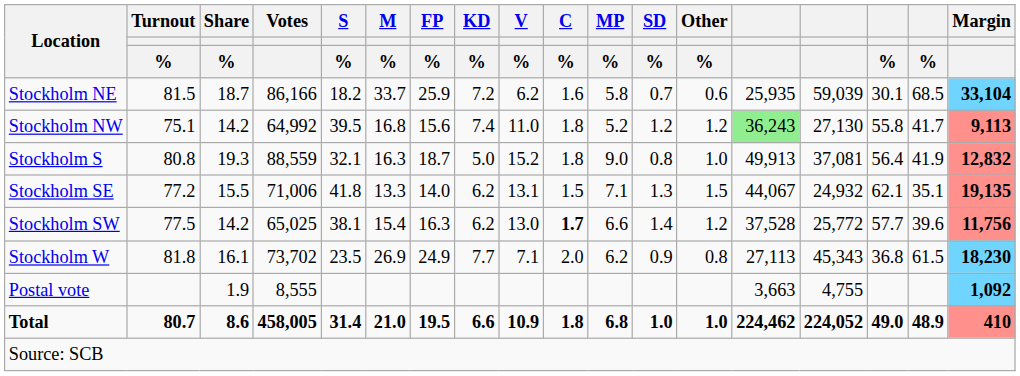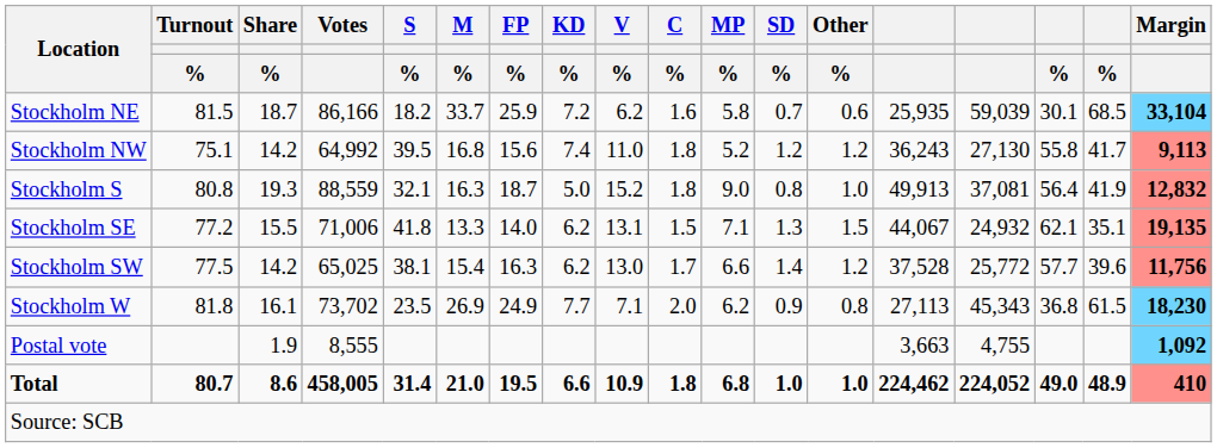 <table class="wikitable sortable" style="text-align:right; font-size:95%; line-height:20px;">
 <tr>
 <th rowspan="3">Location</th>
 <th>Turnout</th>
 <th>Share</th>
 <th>Votes</th>
 <th width="30px" class="unsortable"><a href='#'>S</a></th>
 <th width="30px" class="unsortable"><a href='#'>M</a></th>
 <th width="30px" class="unsortable"><a href='#'>FP</a></th>
 <th width="30px" class="unsortable"><a href='#'>KD</a></th>
 <th width="30px" class="unsortable"><a href='#'>V</a></th>
 <th width="30px" class="unsortable"><a href='#'>C</a></th>
 <th width="30px" class="unsortable"><a href='#'>MP</a></th>
 <th width="30px" class="unsortable"><a href='#'>SD</a></th>
 <th width="30px" class="unsortable">Other</th>
 <th></th>
 <th></th>
 <th></th>
 <th></th>
 <th>Margin</th>
 </tr>
 <tr>
 <th></th>
 <th></th>
 <th></th>
 <th style="background:"></th>
 <th style="background:"></th>
 <th style="background:"></th>
 <th style="background:"></th>
 <th style="background:"></th>
 <th style="background:"></th>
 <th style="background:"></th>
 <th style="background:"></th>
 <th style="background:"></th>
 <th style="background:"></th>
 <th style="background:"></th>
 <th style="background:"></th>
 <th style="background:"></th>
 <th></th>
 </tr>
 <tr>
 <th data-sort-type="number">%</th>
 <th data-sort-type="number">%</th>
 <th></th>
 <th data-sort-type="number">%</th>
 <th data-sort-type="number">%</th>
 <th data-sort-type="number">%</th>
 <th data-sort-type="number">%</th>
 <th data-sort-type="number">%</th>
 <th data-sort-type="number">%</th>
 <th data-sort-type="number">%</th>
 <th data-sort-type="number">%</th>
 <th data-sort-type="number">%</th>
 <th data-sort-type="number"></th>
 <th data-sort-type="number"></th>
 <th data-sort-type="number">%</th>
 <th data-sort-type="number">%</th>
 <th data-sort-type="number"></th>
 </tr>
 <tr>
 <td align=left><a href='#'>Stockholm NE</a></td>
 <td>81.5</td>
 <td>18.7</td>
 <td>86,166</td>
 <td>18.2</td>
 <td>33.7</td>
 <td>25.9</td>
 <td>7.2</td>
 <td>6.2</td>
 <td>1.6</td>
 <td>5.8</td>
 <td>0.7</td>
 <td>0.6</td>
 <td>25,935</td>
 <td>59,039</td>
 <td>30.1</td>
 <td>68.5</td>
 <td bgcolor=#6fd5fe><strong>33,104</strong></td>
 </tr>
 <tr>
 <td align=left><a href='#'>Stockholm NW</a></td>
 <td>75.1</td>
 <td>14.2</td>
 <td>64,992</td>
 <td>39.5</td>
 <td>16.8</td>
 <td>15.6</td>
 <td>7.4</td>
 <td>11.0</td>
 <td>1.8</td>
 <td>5.2</td>
 <td>1.2</td>
 <td>1.2</td>
-<td style="background: lightgreen;">36,243</td>
+<td>36,243</td>
 <td>27,130</td>
 <td>55.8</td>
 <td>41.7</td>
 <td bgcolor=#ff908c><strong>9,113</strong></td>
 </tr>
 <tr>
 <td align=left><a href='#'>Stockholm S</a></td>
 <td>80.8</td>
 <td>19.3</td>
 <td>88,559</td>
 <td>32.1</td>
 <td>16.3</td>
 <td>18.7</td>
 <td>5.0</td>
 <td>15.2</td>
 <td>1.8</td>
 <td>9.0</td>
 <td>0.8</td>
 <td>1.0</td>
 <td>49,913</td>
 <td>37,081</td>
 <td>56.4</td>
 <td>41.9</td>
 <td bgcolor=#ff908c><strong>12,832</strong></td>
 </tr>
 <tr>
 <td align=left><a href='#'>Stockholm SE</a></td>
 <td>77.2</td>
 <td>15.5</td>
 <td>71,006</td>
 <td>41.8</td>
 <td>13.3</td>
 <td>14.0</td>
 <td>6.2</td>
 <td>13.1</td>
 <td>1.5</td>
 <td>7.1</td>
 <td>1.3</td>
 <td>1.5</td>
 <td>44,067</td>
 <td>24,932</td>
 <td>62.1</td>
 <td>35.1</td>
 <td bgcolor=#ff908c><strong>19,135</strong></td>
 </tr>
 <tr>
 <td align=left><a href='#'>Stockholm SW</a></td>
 <td>77.5</td>
 <td>14.2</td>
 <td>65,025</td>
 <td>38.1</td>
 <td>15.4</td>
 <td>16.3</td>
 <td>6.2</td>
 <td>13.0</td>
-<td><strong>1.7</strong></td>
+<td>1.7</td>
 <td>6.6</td>
 <td>1.4</td>
 <td>1.2</td>
 <td>37,528</td>
 <td>25,772</td>
 <td>57.7</td>
 <td>39.6</td>
 <td bgcolor=#ff908c><strong>11,756</strong></td>
 </tr>
 <tr>
 <td align=left><a href='#'>Stockholm W</a></td>
 <td>81.8</td>
 <td>16.1</td>
 <td>73,702</td>
 <td>23.5</td>
 <td>26.9</td>
 <td>24.9</td>
 <td>7.7</td>
 <td>7.1</td>
 <td>2.0</td>
 <td>6.2</td>
 <td>0.9</td>
 <td>0.8</td>
 <td>27,113</td>
 <td>45,343</td>
 <td>36.8</td>
 <td>61.5</td>
 <td bgcolor=#6fd5fe><strong>18,230</strong></td>
 </tr>
 <tr>
 <td align=left><a href='#'>Postal vote</a></td>
 <td></td>
 <td>1.9</td>
 <td>8,555</td>
 <td></td>
 <td></td>
 <td></td>
 <td></td>
 <td></td>
 <td></td>
 <td></td>
 <td></td>
 <td></td>
 <td>3,663</td>
 <td>4,755</td>
 <td></td>
 <td></td>
 <td bgcolor=#6fd5fe><strong>1,092</strong></td>
 </tr>
 <tr>
 <td align=left><strong>Total</strong></td>
 <td><strong>80.7</strong></td>
 <td><strong>8.6</strong></td>
 <td><strong>458,005</strong></td>
 <td><strong>31.4</strong></td>
 <td><strong>21.0</strong></td>
 <td><strong>19.5</strong></td>
 <td><strong>6.6</strong></td>
 <td><strong>10.9</strong></td>
 <td><strong>1.8</strong></td>
 <td><strong>6.8</strong></td>
 <td><strong>1.0</strong></td>
 <td><strong>1.0</strong></td>
 <td><strong>224,462</strong></td>
 <td><strong>224,052</strong></td>
 <td><strong>49.0</strong></td>
 <td><strong>48.9</strong></td>
 <td bgcolor=#ff908c><strong>410</strong></td>
 </tr>
 <tr>
 <td align=left colspan=18>Source: SCB </td>
 </tr>
 </table>
